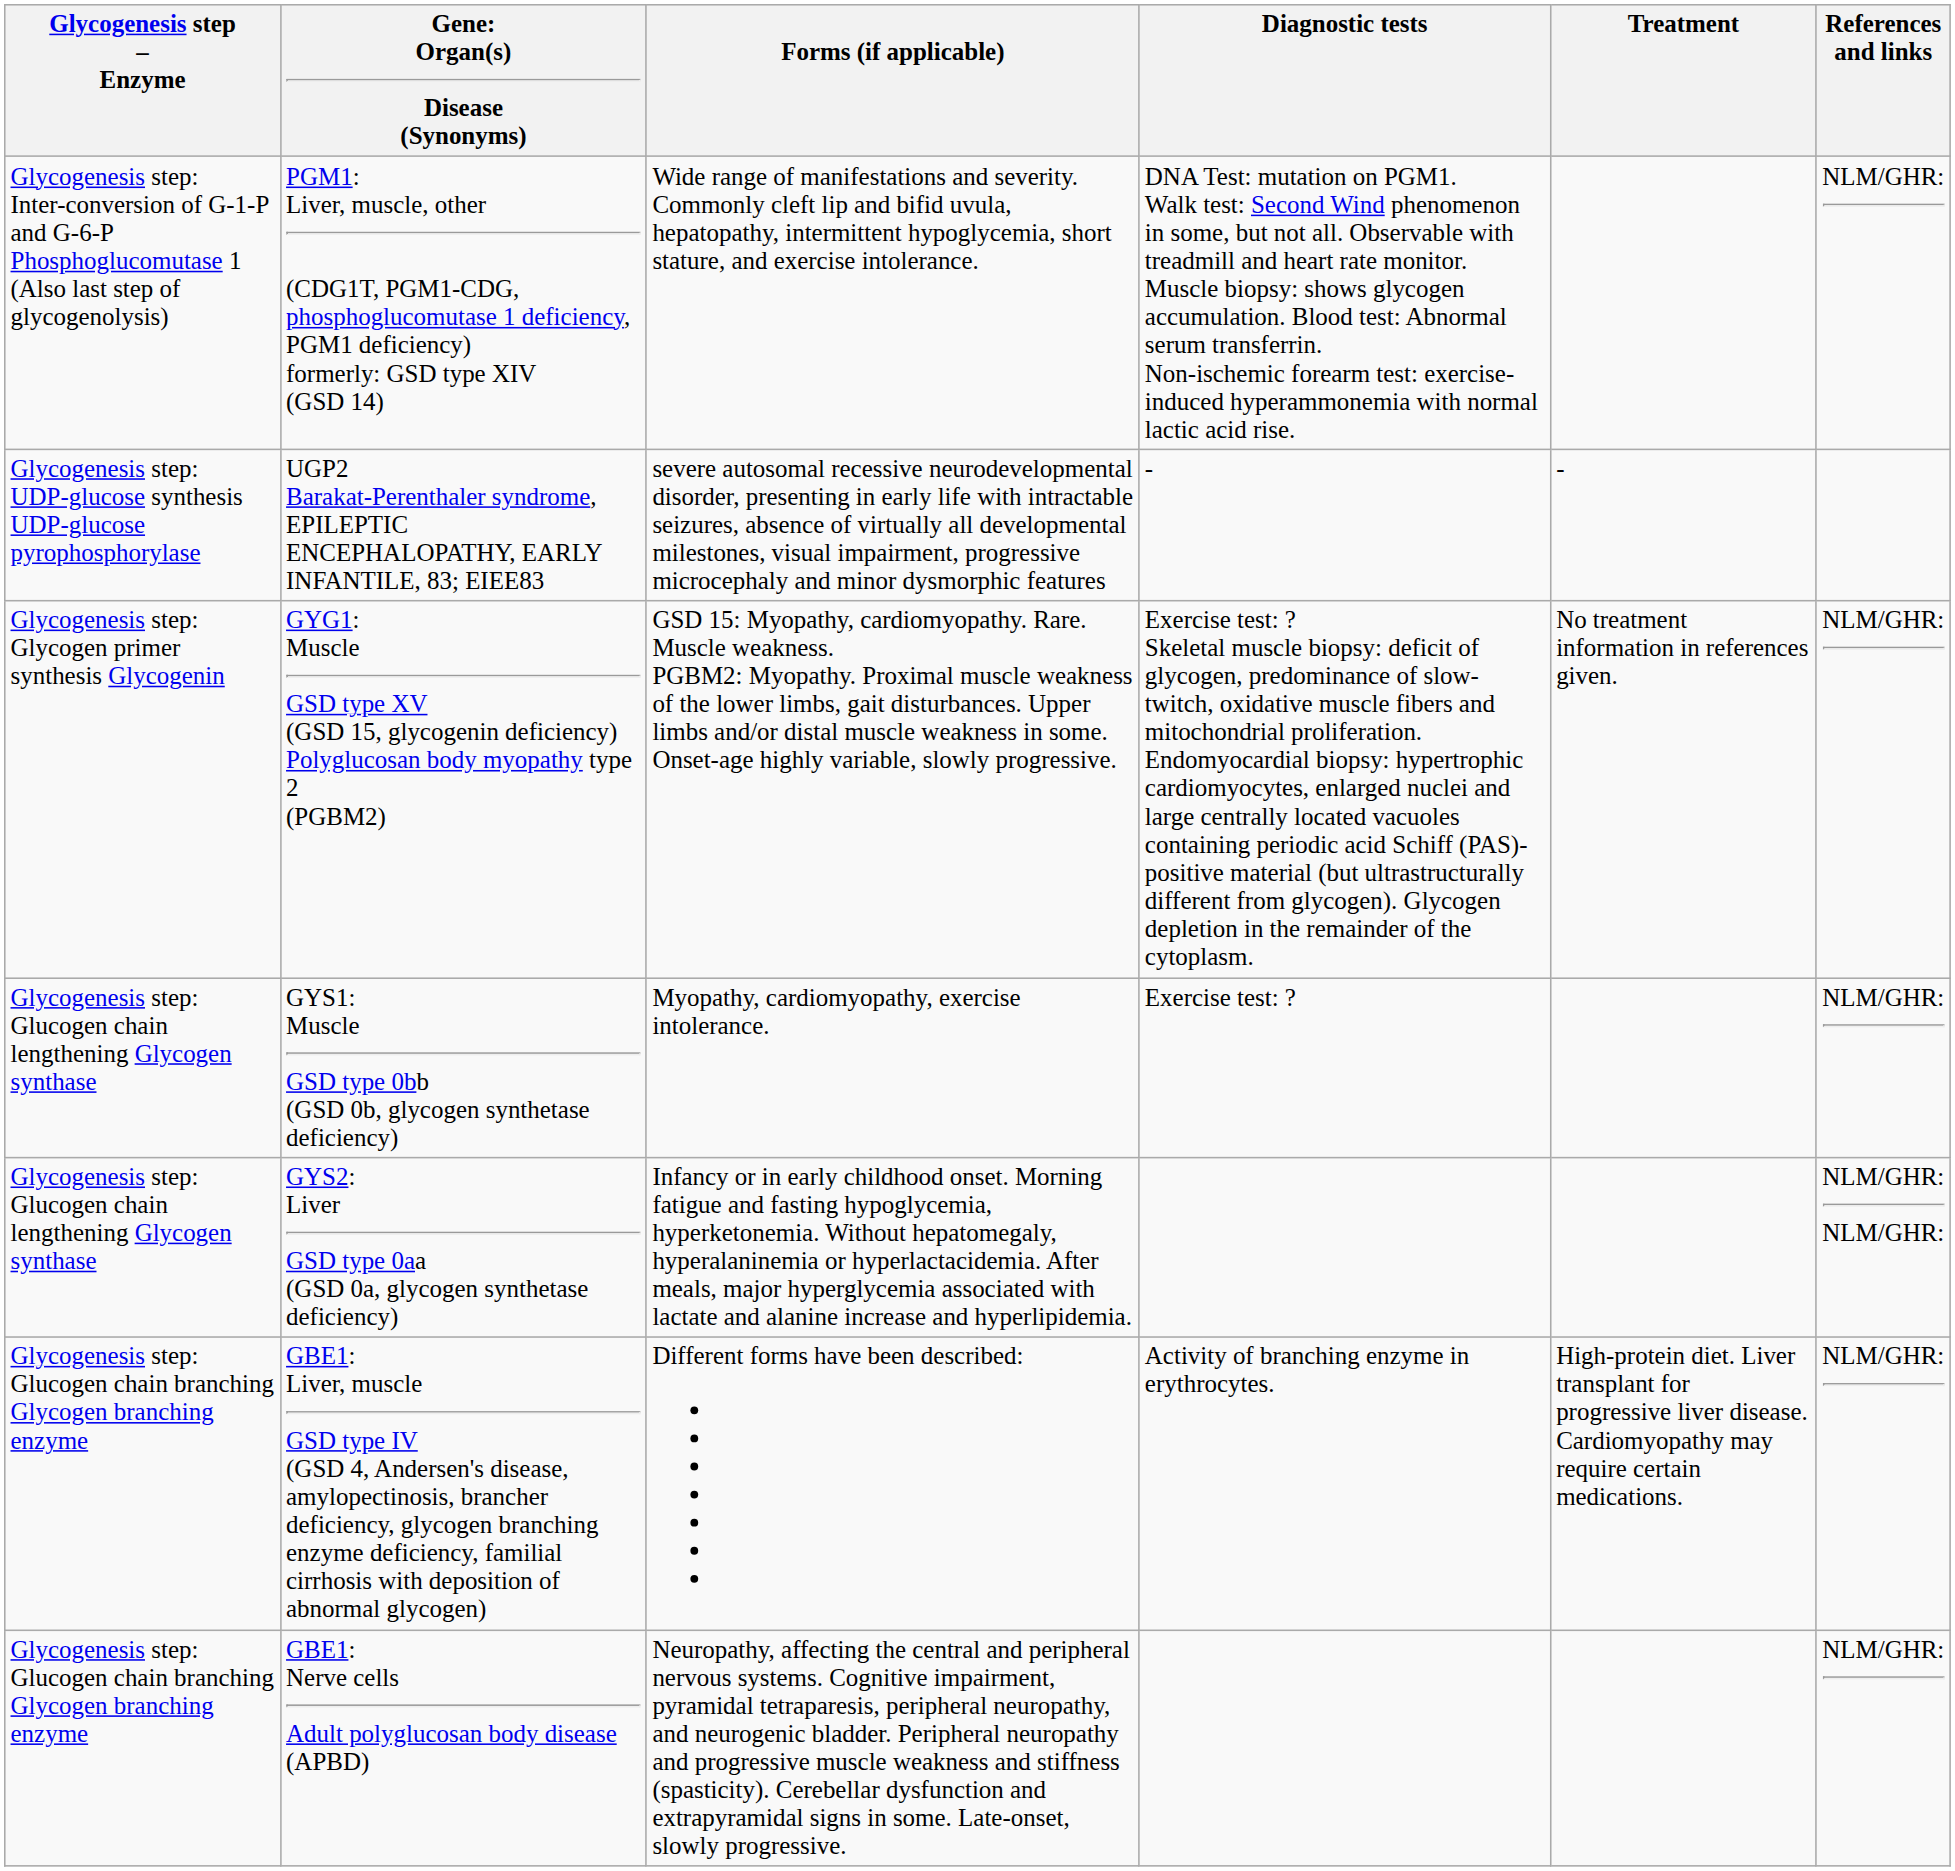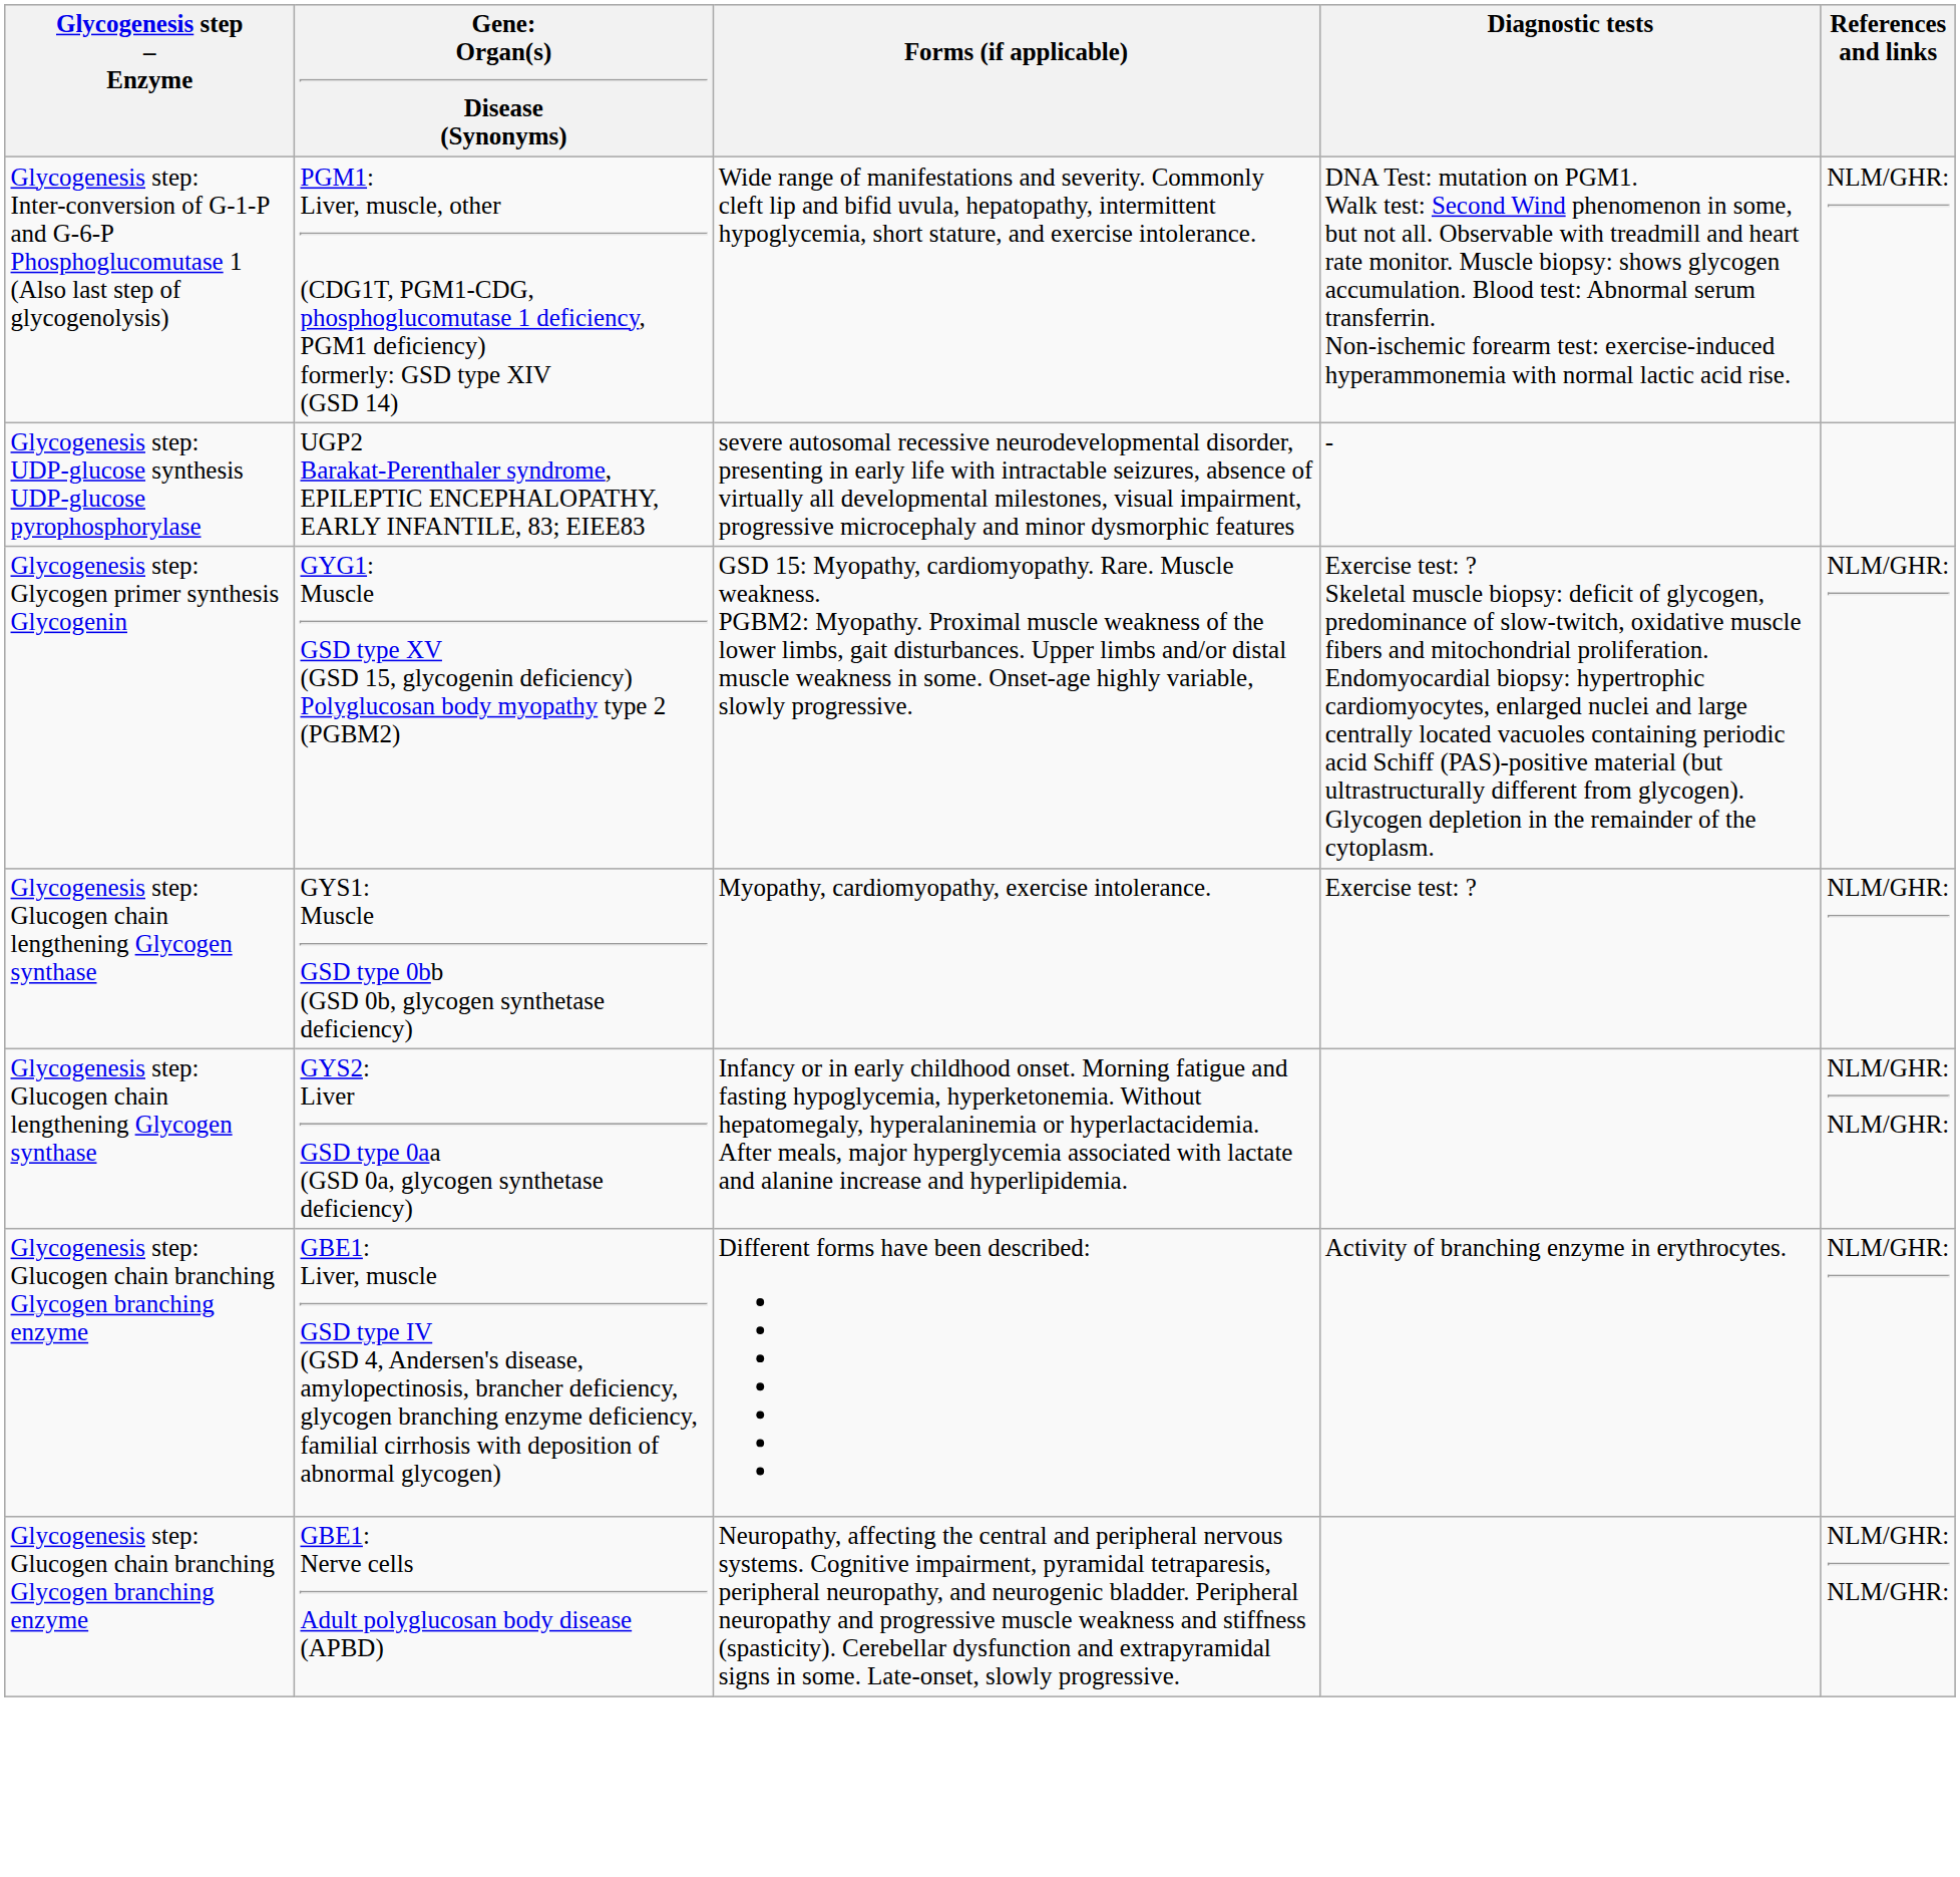 <table class="wikitable">
 <tr valign="top">
 <th><a href='#'>Glycogenesis</a> step <br>–<br> Enzyme</th>
 <th>Gene: <br>Organ(s) <hr> Disease<br>(Synonyms)</th>
 <th> <br> Forms (if applicable) <br> </th>
 <th>Diagnostic tests</th>
-<th>Treatment</th>
 <th>References <br> and links</th>
 </tr>
 <tr valign="top">
 <td><a href='#'>Glycogenesis</a> step: <br> Inter-conversion of G-1-P and G-6-P  <a href='#'>Phosphoglucomutase</a> 1 <br> (Also last step of glycogenolysis)</td>
 <td><a href='#'>PGM1</a>: <br> Liver, muscle, other <hr>  <br> (CDG1T, PGM1-CDG, <a href='#'>phosphoglucomutase 1 deficiency</a>, PGM1 deficiency) <br> formerly: GSD type XIV <br> (GSD 14)</td>
 <td>Wide range of manifestations and severity. Commonly cleft lip and bifid uvula, hepatopathy, intermittent hypoglycemia, short stature, and exercise intolerance.</td>
 <td>DNA Test: mutation on PGM1.<br>Walk test: <a href='#'>Second Wind</a> phenomenon in some, but not all. Observable with treadmill and heart rate monitor. Muscle biopsy: shows glycogen accumulation. Blood test: Abnormal serum transferrin.<br>Non-ischemic forearm test: exercise-induced hyperammonemia with normal lactic acid rise.</td>
-<td></td>
 <td>NLM/GHR: <br> <hr>  <br> </td>
 </tr>
 <tr valign="top">
 <td><a href='#'>Glycogenesis</a> step: <br> <a href='#'>UDP-glucose</a> synthesis  <a href='#'>UDP-glucose pyrophosphorylase</a></td>
 <td>UGP2 <br>  <a href='#'>Barakat-Perenthaler syndrome</a>, EPILEPTIC ENCEPHALOPATHY, EARLY INFANTILE, 83; EIEE83</td>
 <td>severe autosomal recessive neurodevelopmental disorder, presenting in early life with intractable seizures, absence of virtually all developmental milestones, visual impairment, progressive microcephaly and minor dysmorphic features</td>
-<td>-</td>
 <td>-</td>
 <td></td>
 </tr>
 <tr valign="top">
 <td><a href='#'>Glycogenesis</a> step: <br> Glycogen primer synthesis  <a href='#'>Glycogenin</a></td>
 <td><a href='#'>GYG1</a>: <br> Muscle <hr>  <a href='#'>GSD type XV</a> <br> (GSD 15, glycogenin deficiency) <br> <a href='#'>Polyglucosan body myopathy</a> type 2 <br>(PGBM2)</td>
 <td>GSD 15: Myopathy, cardiomyopathy. Rare. Muscle weakness. <br> PGBM2: Myopathy. Proximal muscle weakness of the lower limbs, gait disturbances. Upper limbs and/or distal muscle weakness in some. Onset-age highly variable, slowly progressive.</td>
 <td> Exercise test: ? <br> Skeletal muscle biopsy: deficit of glycogen, predominance of slow-twitch, oxidative muscle fibers and mitochondrial proliferation. <br> Endomyocardial biopsy: hypertrophic cardiomyocytes, enlarged nuclei and large centrally located vacuoles containing periodic acid Schiff (PAS)-positive material (but ultrastructurally different from glycogen). Glycogen depletion in the remainder of the cytoplasm.</td>
-<td> No treatment information in references given.</td>
 <td>NLM/GHR: <br> <hr>  <br> <br> <br> </td>
 </tr>
 <tr valign="top">
 <td><a href='#'>Glycogenesis</a> step: <br> Glucogen chain lengthening  <a href='#'>Glycogen synthase</a></td>
 <td>GYS1: <br> Muscle <hr>  <a href='#'>GSD type 0b</a>b <br>(GSD 0b, glycogen synthetase deficiency)</td>
 <td>Myopathy, cardiomyopathy, exercise intolerance.</td>
 <td> Exercise test: ?</td>
-<td></td>
 <td>NLM/GHR: <br> <hr>  <br> </td>
 </tr>
 <tr valign="top">
 <td><a href='#'>Glycogenesis</a> step: <br> Glucogen chain lengthening  <a href='#'>Glycogen synthase</a></td>
 <td><a href='#'>GYS2</a>: <br> Liver <hr>  <a href='#'>GSD type 0a</a>a <br>(GSD 0a, glycogen synthetase deficiency)</td>
 <td>Infancy or in early childhood onset. Morning fatigue and fasting hypoglycemia, hyperketonemia. Without hepatomegaly, hyperalaninemia or hyperlactacidemia. After meals, major hyperglycemia associated with lactate and alanine increase and hyperlipidemia.</td>
-<td></td>
 <td></td>
 <td>NLM/GHR: <br> <hr> NLM/GHR: <br>  <br> </td>
 </tr>
 <tr valign="top">
 <td><a href='#'>Glycogenesis</a> step: <br> Glucogen chain branching  <a href='#'>Glycogen branching enzyme</a></td>
 <td><a href='#'>GBE1</a>: <br> Liver, muscle <hr>  <a href='#'>GSD type IV</a> <br>(GSD 4, Andersen's disease, amylopectinosis, brancher deficiency, glycogen branching enzyme deficiency, familial cirrhosis with deposition of abnormal glycogen)</td>
 <td>Different forms have been described:<br><ul><li></li><li></li><li></li><li></li><li></li><li></li><li></li></ul></td>
 <td> Activity of branching enzyme in erythrocytes.</td>
-<td> High-protein diet. Liver transplant for progressive liver disease. Cardiomyopathy may require certain medications.</td>
 <td>NLM/GHR: <br> <hr>  <br>  <br>  <br> </td>
 </tr>
 <tr valign="top">
 <td><a href='#'>Glycogenesis</a> step: <br> Glucogen chain branching  <a href='#'>Glycogen branching enzyme</a></td>
 <td><a href='#'>GBE1</a>: <br> Nerve cells <hr>  <a href='#'>Adult polyglucosan body disease</a> <br>(APBD)</td>
 <td>Neuropathy, affecting the central and peripheral nervous systems. Cognitive impairment, pyramidal tetraparesis, peripheral neuropathy, and neurogenic bladder. Peripheral neuropathy and progressive muscle weakness and stiffness (spasticity). Cerebellar dysfunction and extrapyramidal signs in some. Late-onset, slowly progressive.</td>
 <td></td>
-<td></td>
-<td>NLM/GHR: <br> <hr>  <br> <br> <br> </td>
+<td>NLM/GHR: <br> <hr> NLM/GHR: <br>  <br>  <br> </td>
 </tr>
 </table>
